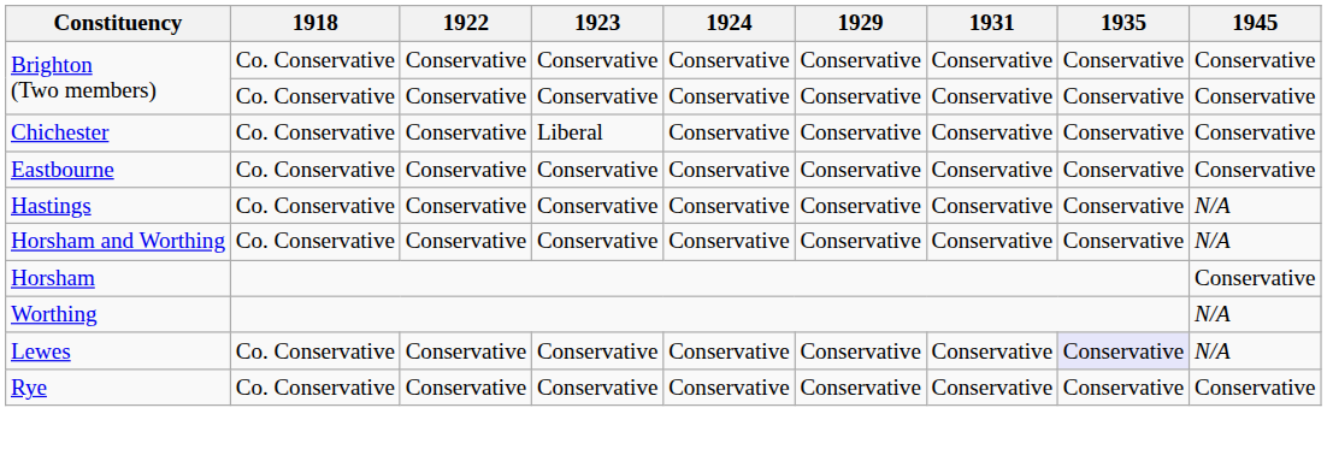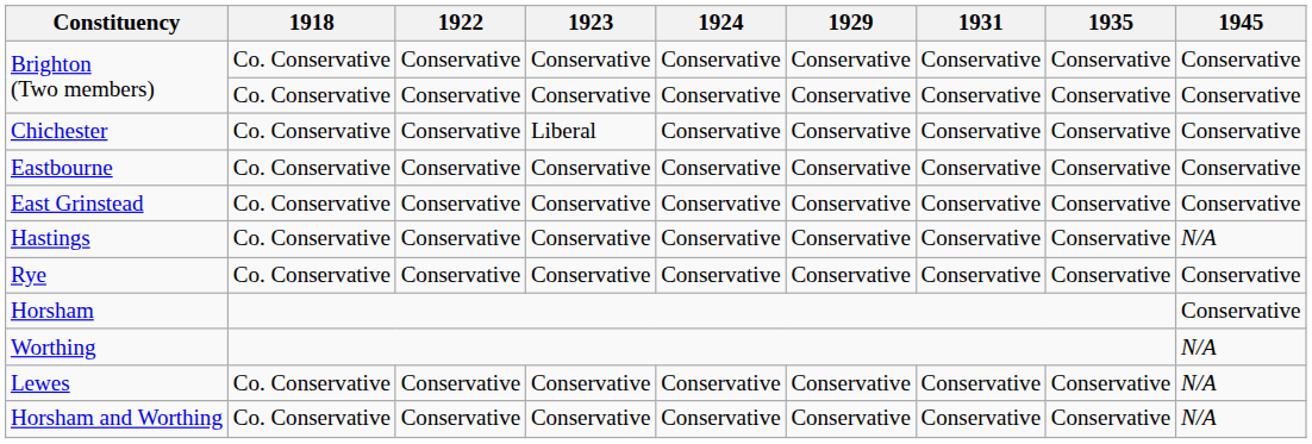 <table class="wikitable sortable">
 <tr>
 <th>Constituency</th>
 <th>1918</th>
 <th>1922</th>
 <th>1923</th>
 <th>1924</th>
 <th>1929</th>
 <th>1931</th>
 <th>1935</th>
 <th>1945</th>
 </tr>
 <tr>
 <td rowspan="2"><a href='#'>Brighton</a><br>(Two members)</td>
 <td bgcolor=>Co. Conservative</td>
 <td bgcolor=>Conservative</td>
 <td bgcolor=>Conservative</td>
 <td bgcolor=>Conservative</td>
 <td bgcolor=>Conservative</td>
 <td bgcolor=>Conservative</td>
 <td bgcolor=>Conservative</td>
 <td bgcolor=>Conservative</td>
 </tr>
 <tr>
 <td bgcolor=>Co. Conservative</td>
 <td bgcolor=>Conservative</td>
 <td bgcolor=>Conservative</td>
 <td bgcolor=>Conservative</td>
 <td bgcolor=>Conservative</td>
 <td bgcolor=>Conservative</td>
 <td bgcolor=>Conservative</td>
 <td bgcolor=>Conservative</td>
 </tr>
 <tr>
 <td><a href='#'>Chichester</a></td>
 <td bgcolor=>Co. Conservative</td>
 <td bgcolor=>Conservative</td>
 <td bgcolor=>Liberal</td>
 <td bgcolor=>Conservative</td>
 <td bgcolor=>Conservative</td>
 <td bgcolor=>Conservative</td>
 <td bgcolor=>Conservative</td>
 <td bgcolor=>Conservative</td>
 </tr>
 <tr>
 <td><a href='#'>Eastbourne</a></td>
 <td bgcolor=>Co. Conservative</td>
 <td bgcolor=>Conservative</td>
 <td bgcolor=>Conservative</td>
 <td bgcolor=>Conservative</td>
 <td bgcolor=>Conservative</td>
 <td bgcolor=>Conservative</td>
 <td bgcolor=>Conservative</td>
 <td bgcolor=>Conservative</td>
 </tr>
 <tr>
+<td><a href='#'>East Grinstead</a></td>
+<td bgcolor=>Co. Conservative</td>
+<td bgcolor=>Conservative</td>
+<td bgcolor=>Conservative</td>
+<td bgcolor=>Conservative</td>
+<td bgcolor=>Conservative</td>
+<td bgcolor=>Conservative</td>
+<td bgcolor=>Conservative</td>
+<td bgcolor=>Conservative</td>
+</tr>
+<tr>
 <td><a href='#'>Hastings</a></td>
 <td bgcolor=>Co. Conservative</td>
 <td bgcolor=>Conservative</td>
 <td bgcolor=>Conservative</td>
 <td bgcolor=>Conservative</td>
 <td bgcolor=>Conservative</td>
 <td bgcolor=>Conservative</td>
 <td bgcolor=>Conservative</td>
 <td><em>N/A</em></td>
 </tr>
 <tr>
-<td><a href='#'>Horsham and Worthing</a></td>
-<td bgcolor=>Co. Conservative</td>
+<td><a href='#'>Rye</a></td>
+<td>Co. Conservative</td>
+<td>Conservative</td>
+<td>Conservative</td>
+<td>Conservative</td>
+<td>Conservative</td>
+<td>Conservative</td>
+<td>Conservative</td>
 <td bgcolor=>Conservative</td>
-<td bgcolor=>Conservative</td>
-<td bgcolor=>Conservative</td>
-<td bgcolor=>Conservative</td>
-<td bgcolor=>Conservative</td>
-<td bgcolor=>Conservative</td>
-<td><em>N/A</em></td>
 </tr>
 <tr>
 <td><a href='#'>Horsham</a></td>
 <td colspan="7"></td>
 <td bgcolor=>Conservative</td>
 </tr>
 <tr>
 <td><a href='#'>Worthing</a></td>
 <td colspan="7"></td>
 <td><em>N/A</em></td>
 </tr>
 <tr>
 <td><a href='#'>Lewes</a></td>
 <td>Co. Conservative</td>
 <td>Conservative</td>
 <td>Conservative</td>
 <td>Conservative</td>
 <td>Conservative</td>
 <td>Conservative</td>
-<td style="background: lavender;">Conservative</td>
+<td>Conservative</td>
 <td><em>N/A</em></td>
 </tr>
 <tr>
-<td><a href='#'>Rye</a></td>
-<td>Co. Conservative</td>
-<td>Conservative</td>
-<td>Conservative</td>
-<td>Conservative</td>
-<td>Conservative</td>
-<td>Conservative</td>
-<td>Conservative</td>
+<td><a href='#'>Horsham and Worthing</a></td>
+<td bgcolor=>Co. Conservative</td>
 <td bgcolor=>Conservative</td>
+<td bgcolor=>Conservative</td>
+<td bgcolor=>Conservative</td>
+<td bgcolor=>Conservative</td>
+<td bgcolor=>Conservative</td>
+<td bgcolor=>Conservative</td>
+<td><em>N/A</em></td>
 </tr>
 </table>
